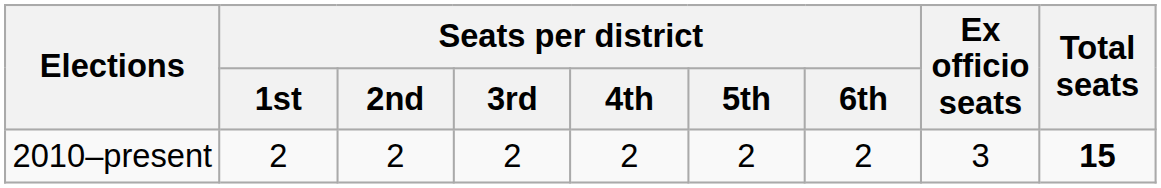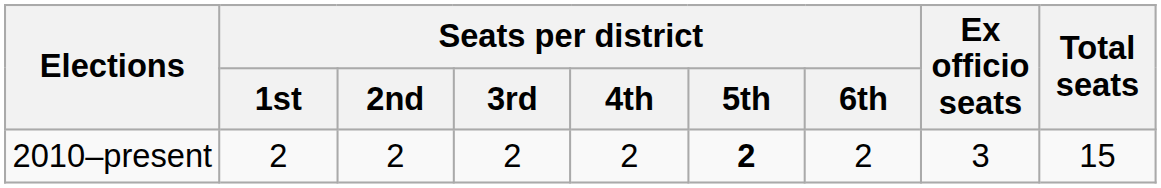 <table class="wikitable">
 <tr>
 <th rowspan="2">Elections</th>
 <th colspan="6">Seats per district</th>
 <th rowspan="2" width="50px">Ex officio seats</th>
 <th rowspan="2" width="50px">Total seats</th>
 </tr>
 <tr>
 <th width="50px">1st</th>
 <th width="50px">2nd</th>
 <th width="50px">3rd</th>
 <th width="50px">4th</th>
 <th width="50px">5th</th>
 <th width="50px">6th</th>
 </tr>
 <tr align="center">
 <td>2010–present</td>
 <td>2</td>
 <td>2</td>
 <td>2</td>
 <td>2</td>
-<td>2</td>
+<td><strong>2</strong></td>
 <td>2</td>
 <td>3</td>
-<td><strong>15</strong></td>
+<td>15</td>
 </tr>
 </table>
